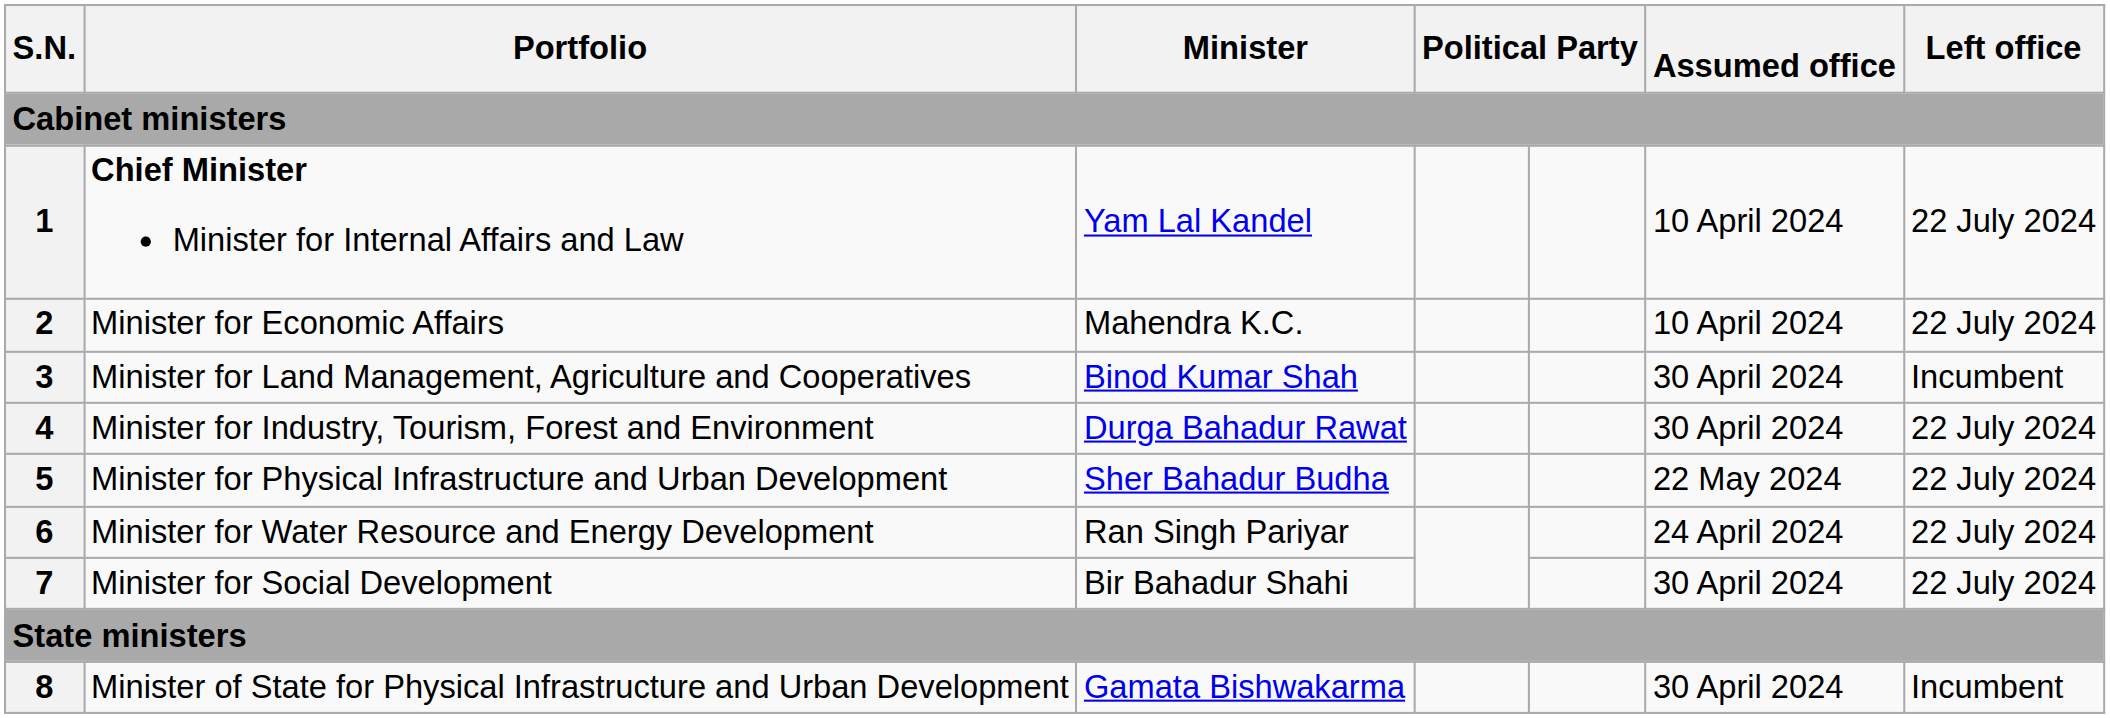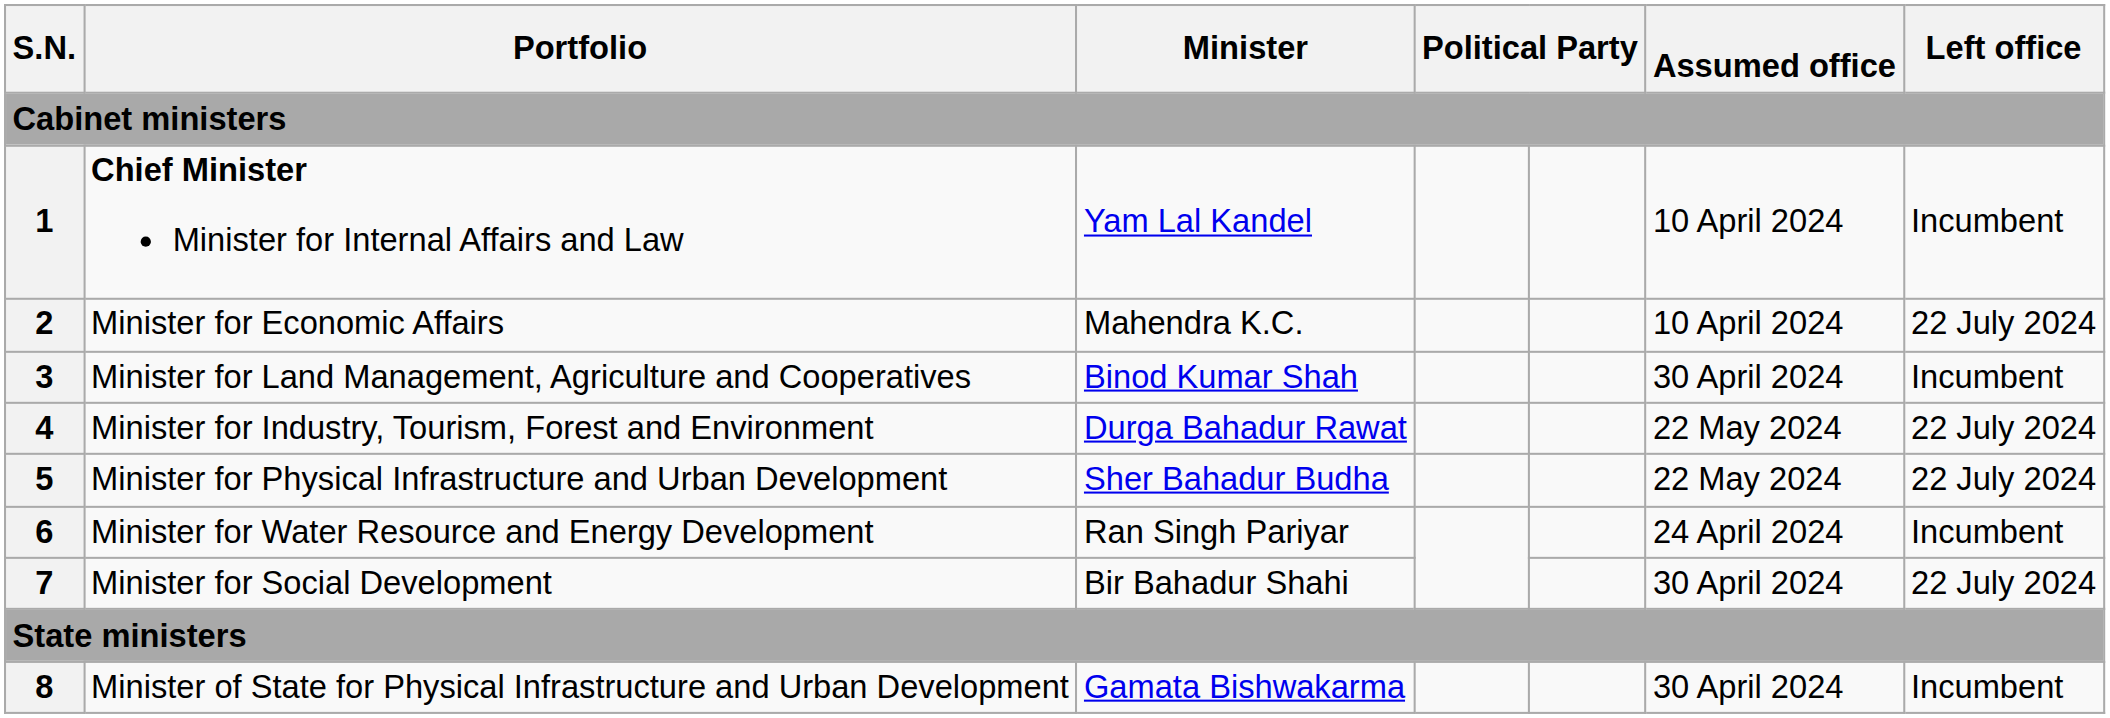 <table class="wikitable">
 <tr>
 <th>S.N.</th>
 <th>Portfolio</th>
 <th>Minister</th>
 <th colspan="2">Political Party</th>
 <th><br>Assumed office</th>
 <th>Left office</th>
 </tr>
 <tr>
 <td colspan="7" bgcolor="darkgrey"><strong>Cabinet ministers</strong></td>
 </tr>
 <tr>
 <th>1</th>
 <td><strong>Chief Minister</strong><br><ul><li>Minister for Internal Affairs and Law</li></ul></td>
 <td><a href='#'>Yam Lal Kandel</a></td>
 <td></td>
 <td></td>
 <td>10 April 2024</td>
-<td>22 July 2024</td>
+<td>Incumbent</td>
 </tr>
 <tr>
 <th>2</th>
 <td>Minister for Economic Affairs</td>
 <td>Mahendra K.C.</td>
 <td></td>
 <td></td>
 <td>10 April 2024</td>
 <td>22 July 2024</td>
 </tr>
 <tr>
 <th>3</th>
 <td>Minister for Land Management, Agriculture and Cooperatives</td>
 <td><a href='#'>Binod Kumar Shah</a></td>
 <td></td>
 <td></td>
 <td>30 April 2024</td>
 <td>Incumbent</td>
 </tr>
 <tr>
 <th>4</th>
 <td>Minister for Industry, Tourism, Forest and Environment</td>
 <td><a href='#'>Durga Bahadur Rawat</a></td>
 <td></td>
 <td></td>
-<td>30 April 2024</td>
+<td>22 May 2024</td>
 <td>22 July 2024</td>
 </tr>
 <tr>
 <th>5</th>
 <td>Minister for Physical Infrastructure and Urban Development</td>
 <td><a href='#'>Sher Bahadur Budha</a></td>
 <td></td>
 <td></td>
 <td>22 May 2024</td>
 <td>22 July 2024</td>
 </tr>
 <tr>
 <th>6</th>
 <td>Minister for Water Resource and Energy Development</td>
 <td>Ran Singh Pariyar</td>
 <td rowspan="2"></td>
 <td></td>
 <td>24 April 2024</td>
-<td>22 July 2024</td>
+<td>Incumbent</td>
 </tr>
 <tr>
 <th>7</th>
 <td>Minister for Social Development</td>
 <td>Bir Bahadur Shahi</td>
 <td></td>
 <td>30 April 2024</td>
 <td>22 July 2024</td>
 </tr>
 <tr>
 <td colspan="7" bgcolor="darkgrey"><strong>State ministers</strong></td>
 </tr>
 <tr>
 <th>8</th>
 <td>Minister of State for Physical Infrastructure and Urban Development</td>
 <td><a href='#'>Gamata Bishwakarma</a></td>
 <td></td>
 <td></td>
 <td>30 April 2024</td>
 <td>Incumbent</td>
 </tr>
 </table>
